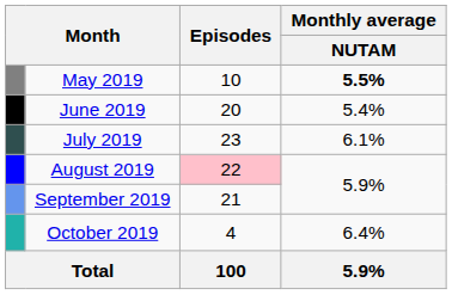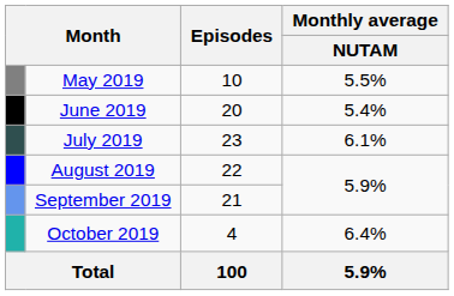 <table class="wikitable plainrowheaders" style="text-align: center; line-height:25px;">
 <tr class="wikitable" style="text-align: center;">
 <th colspan="2" rowspan="2" style="padding: 0 8px;">Month</th>
 <th rowspan="2" style="padding: 0 8px;">Episodes</th>
 <th colspan="2" style="padding: 0 8px;">Monthly average</th>
 </tr>
 <tr>
 <th style="padding: 0 8px;">NUTAM</th>
 </tr>
 <tr>
 <td style="padding: 0 8px; background:#808080;"></td>
 <td style="padding: 0 8px;" '><a href='#'>May 2019</a></td>
 <td style="padding: 0 8px;">10</td>
-<td style="padding: 0 8px;"><strong>5.5%</strong></td>
+<td style="padding: 0 8px;">5.5%</td>
 </tr>
 <tr>
 <td style="padding: 0 8px; background:#000000;"></td>
 <td style="padding: 0 8px;" '><a href='#'>June 2019</a></td>
 <td style="padding: 0 8px;">20</td>
 <td style="padding: 0 8px;">5.4%</td>
 </tr>
 <tr>
 <td style="padding: 0 8px; background:#2F4F4F;"></td>
 <td style="padding: 0 8px;" '><a href='#'>July 2019</a></td>
 <td style="padding: 0 8px;">23</td>
 <td style="padding: 0 8px;">6.1%</td>
 </tr>
 <tr>
 <td style="padding: 0 8px; background:#0000FF;"></td>
 <td style="padding: 0 8px;" '><a href='#'>August 2019</a></td>
-<td style="background: pink; padding: 0 8px;">22</td>
+<td style="padding: 0 8px;">22</td>
 <td rowspan="2" style="padding: 0 8px;">5.9%</td>
 </tr>
 <tr>
 <td style="padding: 0 8px; background:#6495ED;"></td>
 <td style="padding: 0 8px;" '><a href='#'>September 2019</a></td>
 <td style="padding: 0 8px;">21</td>
 </tr>
 <tr>
 <td style="padding: 0 8px; background:#20B2AA;"></td>
 <td style="padding: 0 8px;" '><a href='#'>October 2019</a></td>
 <td style="padding: 0 8px;">4</td>
 <td>6.4%</td>
 </tr>
 <tr>
 <th colspan="2">Total</th>
 <th colspan="1">100</th>
 <th colspan="2">5.9%</th>
 </tr>
 </table>
